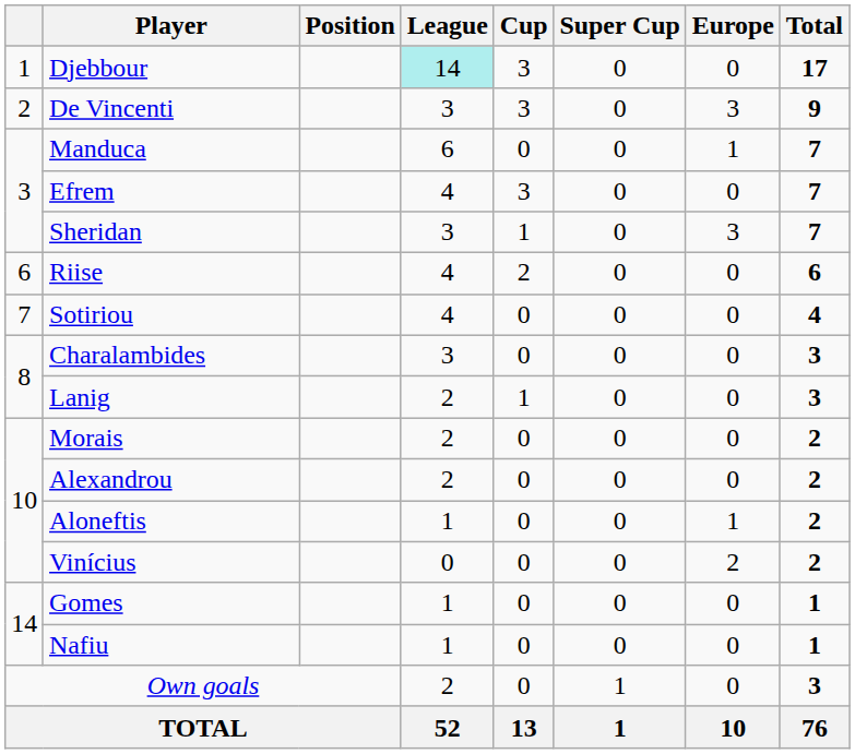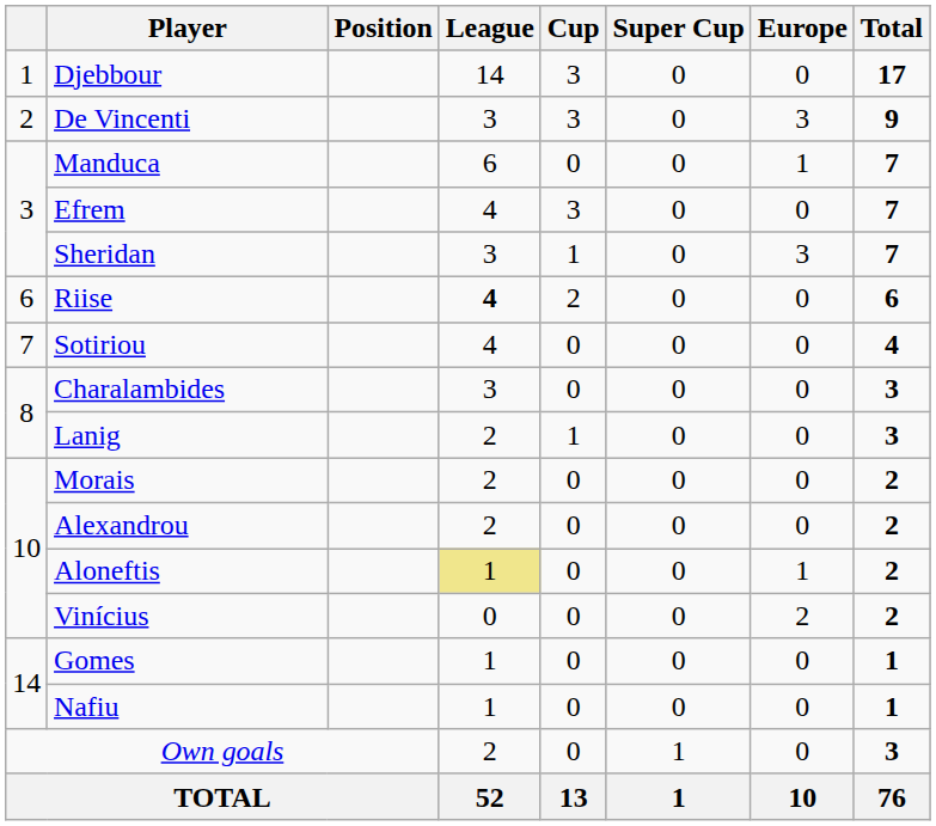 <table class="wikitable">
 <tr>
 <th></th>
 <th width="150">Player</th>
 <th>Position</th>
 <th>League</th>
 <th>Cup</th>
 <th>Super Cup</th>
 <th>Europe</th>
 <th>Total</th>
 </tr>
 <tr>
 <td align=center>1</td>
 <td> <a href='#'>Djebbour</a></td>
 <td align=center></td>
-<td align=center style="background: paleturquoise;">14</td>
+<td align=center>14</td>
 <td align=center>3</td>
 <td align=center>0</td>
 <td align=center>0</td>
 <td align=center><strong>17</strong></td>
 </tr>
 <tr>
 <td align=center>2</td>
 <td> <a href='#'>De Vincenti</a></td>
 <td align=center></td>
 <td align=center>3</td>
 <td align=center>3</td>
 <td align=center>0</td>
 <td align=center>3</td>
 <td align=center><strong>9</strong></td>
 </tr>
 <tr>
 <td rowspan="3" align=center>3</td>
 <td> <a href='#'>Manduca</a></td>
 <td align=center></td>
 <td align=center>6</td>
 <td align=center>0</td>
 <td align=center>0</td>
 <td align=center>1</td>
 <td align=center><strong>7</strong></td>
 </tr>
 <tr>
 <td> <a href='#'>Efrem</a></td>
 <td align=center></td>
 <td align=center>4</td>
 <td align=center>3</td>
 <td align=center>0</td>
 <td align=center>0</td>
 <td align=center><strong>7</strong></td>
 </tr>
 <tr>
 <td> <a href='#'>Sheridan</a></td>
 <td align=center></td>
 <td align=center>3</td>
 <td align=center>1</td>
 <td align=center>0</td>
 <td align=center>3</td>
 <td align=center><strong>7</strong></td>
 </tr>
 <tr>
 <td align=center>6</td>
 <td> <a href='#'>Riise</a></td>
 <td align=center></td>
-<td align=center>4</td>
+<td align=center><strong>4</strong></td>
 <td align=center>2</td>
 <td align=center>0</td>
 <td align=center>0</td>
 <td align=center><strong>6</strong></td>
 </tr>
 <tr>
 <td align=center>7</td>
 <td> <a href='#'>Sotiriou</a></td>
 <td align=center></td>
 <td align=center>4</td>
 <td align=center>0</td>
 <td align=center>0</td>
 <td align=center>0</td>
 <td align=center><strong>4</strong></td>
 </tr>
 <tr>
 <td rowspan="2" align=center>8</td>
 <td> <a href='#'>Charalambides</a></td>
 <td align=center></td>
 <td align=center>3</td>
 <td align=center>0</td>
 <td align=center>0</td>
 <td align=center>0</td>
 <td align=center><strong>3</strong></td>
 </tr>
 <tr>
 <td> <a href='#'>Lanig</a></td>
 <td align=center></td>
 <td align=center>2</td>
 <td align=center>1</td>
 <td align=center>0</td>
 <td align=center>0</td>
 <td align=center><strong>3</strong></td>
 </tr>
 <tr>
 <td rowspan="4" align=center>10</td>
 <td> <a href='#'>Morais</a></td>
 <td align=center></td>
 <td align=center>2</td>
 <td align=center>0</td>
 <td align=center>0</td>
 <td align=center>0</td>
 <td align=center><strong>2</strong></td>
 </tr>
 <tr>
 <td> <a href='#'>Alexandrou</a></td>
 <td align=center></td>
 <td align=center>2</td>
 <td align=center>0</td>
 <td align=center>0</td>
 <td align=center>0</td>
 <td align=center><strong>2</strong></td>
 </tr>
 <tr>
 <td> <a href='#'>Aloneftis</a></td>
 <td align=center></td>
-<td align=center>1</td>
+<td align=center style="background: khaki;">1</td>
 <td align=center>0</td>
 <td align=center>0</td>
 <td align=center>1</td>
 <td align=center><strong>2</strong></td>
 </tr>
 <tr>
 <td> <a href='#'>Vinícius</a></td>
 <td align=center></td>
 <td align=center>0</td>
 <td align=center>0</td>
 <td align=center>0</td>
 <td align=center>2</td>
 <td align=center><strong>2</strong></td>
 </tr>
 <tr>
 <td rowspan="2" align=center>14</td>
 <td> <a href='#'>Gomes</a></td>
 <td align=center></td>
 <td align=center>1</td>
 <td align=center>0</td>
 <td align=center>0</td>
 <td align=center>0</td>
 <td align=center><strong>1</strong></td>
 </tr>
 <tr>
 <td> <a href='#'>Nafiu</a></td>
 <td align=center></td>
 <td align=center>1</td>
 <td align=center>0</td>
 <td align=center>0</td>
 <td align=center>0</td>
 <td align=center><strong>1</strong></td>
 </tr>
 <tr>
 <td colspan="3" align=center><em><a href='#'>Own goals</a></em></td>
 <td align=center>2</td>
 <td align=center>0</td>
 <td align=center>1</td>
 <td align=center>0</td>
 <td align=center><strong>3</strong></td>
 </tr>
 <tr>
 <th colspan="3" align=center>TOTAL</th>
 <th align=center>52</th>
 <th align=center>13</th>
 <th align=center>1</th>
 <th align=center>10</th>
 <th align=center>76</th>
 </tr>
 </table>
